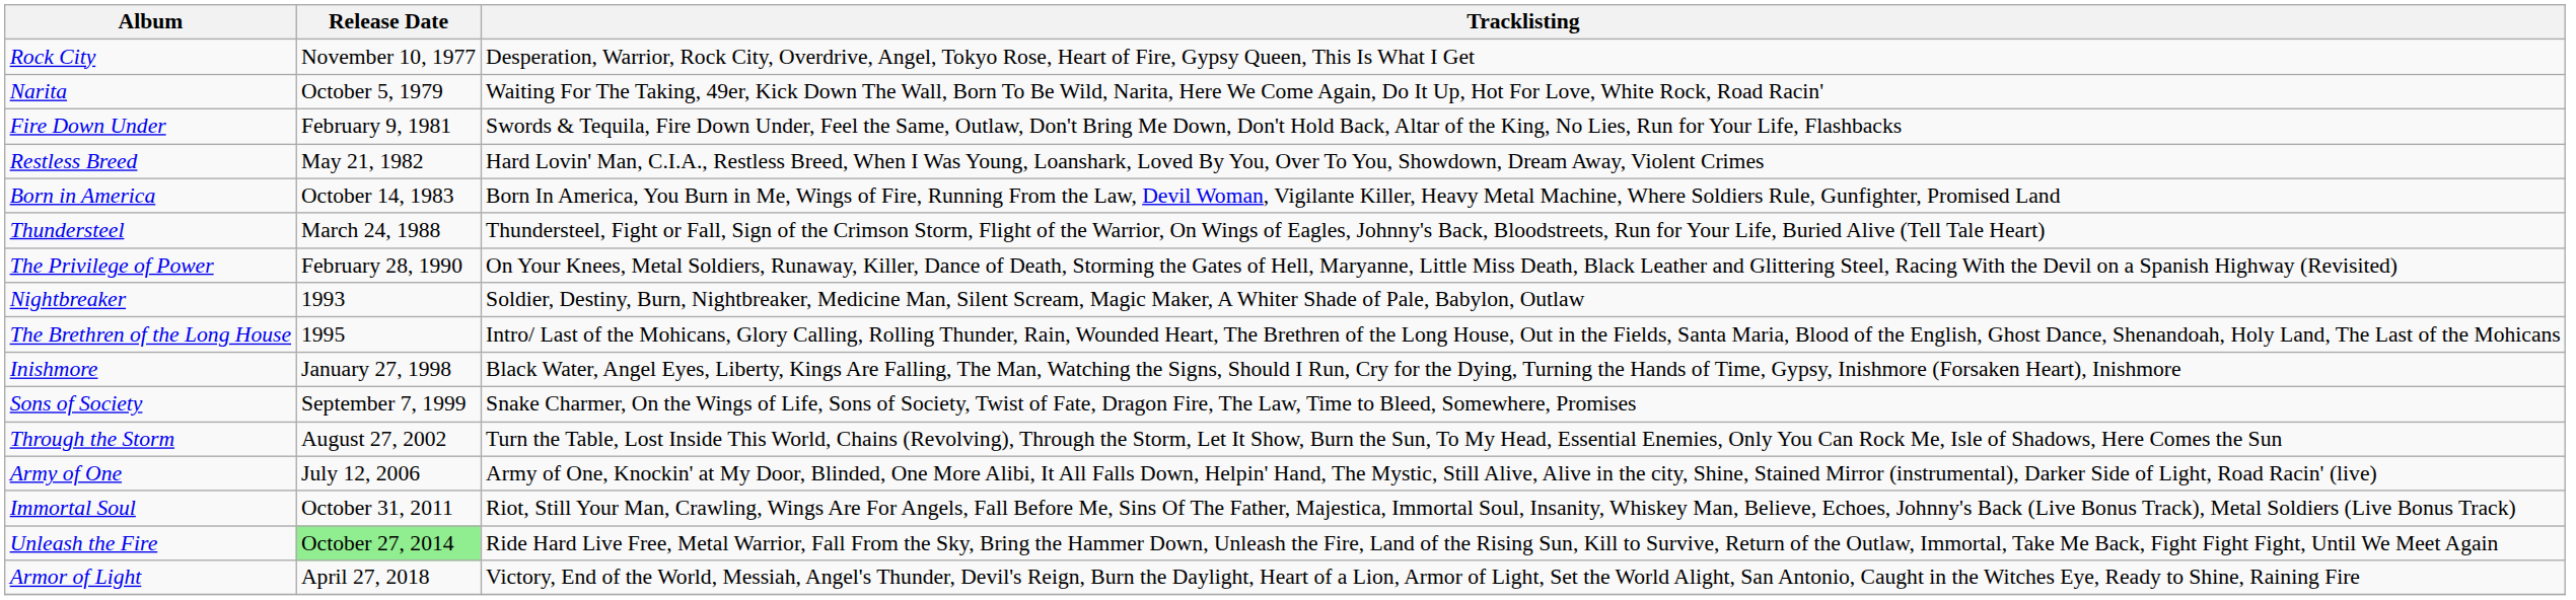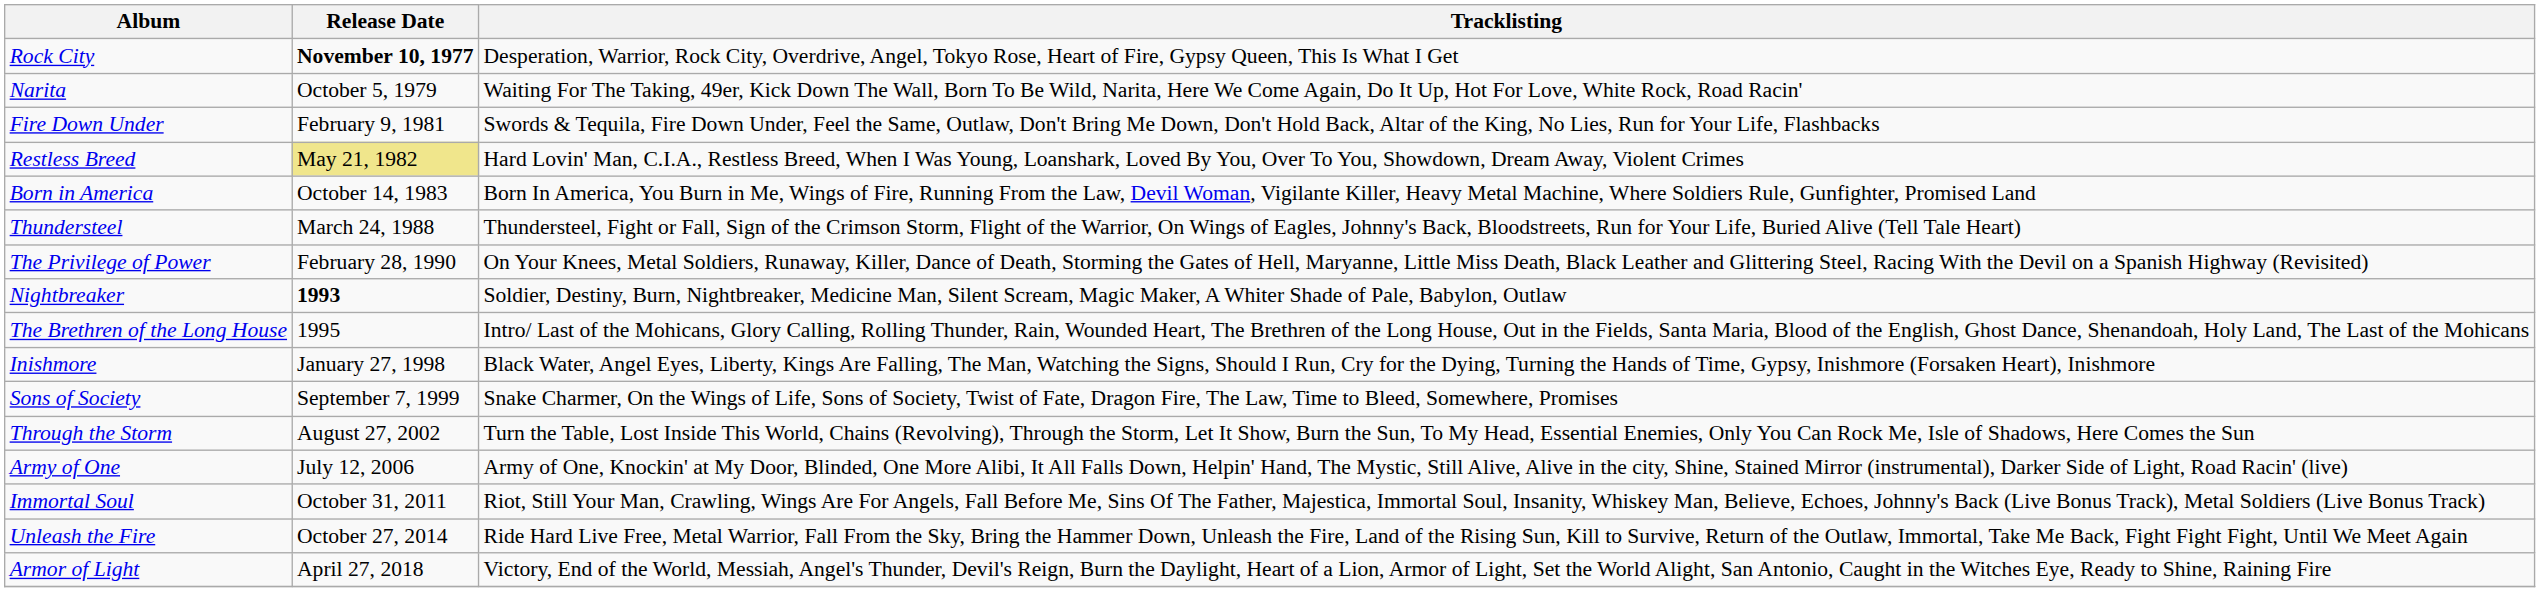 <table class="wikitable">
 <tr>
 <th>Album</th>
 <th>Release Date</th>
 <th>Tracklisting</th>
 </tr>
 <tr -->
 <td valign="top"><em><a href='#'>Rock City</a></em></td>
-<td>November 10, 1977</td>
+<td><strong>November 10, 1977</strong></td>
 <td>Desperation, Warrior, Rock City, Overdrive, Angel, Tokyo Rose, Heart of Fire, Gypsy Queen, This Is What I Get</td>
 </tr>
 <tr -->
 <td valign="top"><em><a href='#'>Narita</a></em></td>
 <td>October 5, 1979</td>
 <td>Waiting For The Taking, 49er, Kick Down The Wall, Born To Be Wild, Narita, Here We Come Again, Do It Up, Hot For Love, White Rock, Road Racin'</td>
 </tr>
 <tr -->
 <td valign="top"><em><a href='#'>Fire Down Under</a></em></td>
 <td>February 9, 1981</td>
 <td>Swords & Tequila, Fire Down Under, Feel the Same, Outlaw, Don't Bring Me Down, Don't Hold Back, Altar of the King, No Lies, Run for Your Life, Flashbacks</td>
 </tr>
 <tr -->
 <td valign="top"><em><a href='#'>Restless Breed</a></em></td>
-<td>May 21, 1982</td>
+<td style="background: khaki;">May 21, 1982</td>
 <td>Hard Lovin' Man, C.I.A., Restless Breed, When I Was Young, Loanshark, Loved By You, Over To You, Showdown, Dream Away, Violent Crimes</td>
 </tr>
 <tr -->
 <td valign="top"><em><a href='#'>Born in America</a></em></td>
 <td>October 14, 1983</td>
 <td>Born In America, You Burn in Me, Wings of Fire, Running From the Law, <a href='#'>Devil Woman</a>, Vigilante Killer, Heavy Metal Machine, Where Soldiers Rule, Gunfighter, Promised Land</td>
 </tr>
 <tr -->
 <td valign="top"><em><a href='#'>Thundersteel</a></em></td>
 <td>March 24, 1988</td>
 <td>Thundersteel, Fight or Fall, Sign of the Crimson Storm, Flight of the Warrior, On Wings of Eagles, Johnny's Back, Bloodstreets, Run for Your Life, Buried Alive (Tell Tale Heart)</td>
 </tr>
 <tr -->
 <td valign="top"><em><a href='#'>The Privilege of Power</a></em></td>
 <td>February 28, 1990</td>
 <td>On Your Knees, Metal Soldiers, Runaway, Killer, Dance of Death, Storming the Gates of Hell, Maryanne, Little Miss Death, Black Leather and Glittering Steel, Racing With the Devil on a Spanish Highway (Revisited)</td>
 </tr>
 <tr -->
 <td valign="top"><em><a href='#'>Nightbreaker</a></em></td>
-<td>1993</td>
+<td><strong>1993</strong></td>
 <td>Soldier, Destiny, Burn, Nightbreaker, Medicine Man, Silent Scream, Magic Maker, A Whiter Shade of Pale, Babylon, Outlaw</td>
 </tr>
 <tr -->
 <td valign="top"><em><a href='#'>The Brethren of the Long House</a></em></td>
 <td>1995</td>
 <td>Intro/ Last of the Mohicans, Glory Calling, Rolling Thunder, Rain, Wounded Heart, The Brethren of the Long House, Out in the Fields, Santa Maria, Blood of the English, Ghost Dance, Shenandoah, Holy Land, The Last of the Mohicans</td>
 </tr>
 <tr -->
 <td valign="top"><em><a href='#'>Inishmore</a></em></td>
 <td>January 27, 1998</td>
 <td>Black Water, Angel Eyes, Liberty, Kings Are Falling, The Man, Watching the Signs, Should I Run, Cry for the Dying, Turning the Hands of Time, Gypsy, Inishmore (Forsaken Heart), Inishmore</td>
 </tr>
 <tr -->
 <td valign="top"><em><a href='#'>Sons of Society</a></em></td>
 <td>September 7, 1999</td>
 <td>Snake Charmer, On the Wings of Life, Sons of Society, Twist of Fate, Dragon Fire, The Law, Time to Bleed, Somewhere, Promises</td>
 </tr>
 <tr -->
 <td valign="top"><em><a href='#'>Through the Storm</a></em></td>
 <td>August 27, 2002</td>
 <td>Turn the Table, Lost Inside This World, Chains (Revolving), Through the Storm, Let It Show, Burn the Sun, To My Head, Essential Enemies, Only You Can Rock Me, Isle of Shadows, Here Comes the Sun</td>
 </tr>
 <tr -->
 <td valign="top"><em><a href='#'>Army of One</a></em></td>
 <td>July 12, 2006</td>
 <td>Army of One, Knockin' at My Door, Blinded, One More Alibi, It All Falls Down, Helpin' Hand, The Mystic, Still Alive, Alive in the city, Shine, Stained Mirror (instrumental), Darker Side of Light, Road Racin' (live)</td>
 </tr>
 <tr -->
 <td valign="top"><em><a href='#'>Immortal Soul</a></em></td>
 <td>October 31, 2011</td>
 <td>Riot, Still Your Man, Crawling, Wings Are For Angels, Fall Before Me, Sins Of The Father, Majestica, Immortal Soul, Insanity, Whiskey Man, Believe, Echoes, Johnny's Back (Live Bonus Track), Metal Soldiers (Live Bonus Track)</td>
 </tr>
 <tr -->
 <td valign="top"><em><a href='#'>Unleash the Fire</a></em></td>
-<td style="background: lightgreen;">October 27, 2014</td>
+<td>October 27, 2014</td>
 <td>Ride Hard Live Free, Metal Warrior, Fall From the Sky, Bring the Hammer Down, Unleash the Fire, Land of the Rising Sun, Kill to Survive, Return of the Outlaw, Immortal, Take Me Back, Fight Fight Fight, Until We Meet Again</td>
 </tr>
 <tr -->
 <td valign="top"><em><a href='#'>Armor of Light</a></em></td>
 <td>April 27, 2018</td>
 <td>Victory, End of the World, Messiah, Angel's Thunder, Devil's Reign, Burn the Daylight, Heart of a Lion, Armor of Light, Set the World Alight, San Antonio, Caught in the Witches Eye, Ready to Shine, Raining Fire</td>
 </tr>
 <tr>
 </tr>
 </table>
